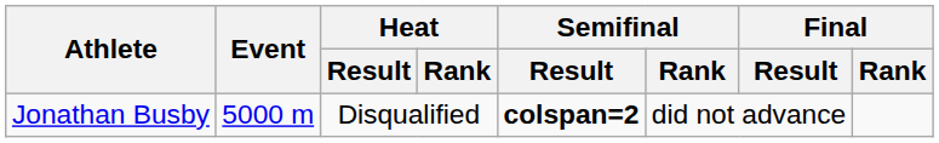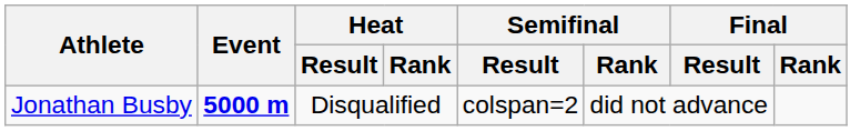 <table class="wikitable">
 <tr>
 <th rowspan="2">Athlete</th>
 <th rowspan="2">Event</th>
 <th colspan="2">Heat</th>
 <th colspan="2">Semifinal</th>
 <th colspan="2">Final</th>
 </tr>
 <tr>
 <th>Result</th>
 <th>Rank</th>
 <th>Result</th>
 <th>Rank</th>
 <th>Result</th>
 <th>Rank</th>
 </tr>
 <tr style=text-align:center>
 <td style=text-align:left><a href='#'>Jonathan Busby</a></td>
-<td style=text-align:left><a href='#'>5000 m</a></td>
+<td style=text-align:left><strong><a href='#'>5000 m</a></strong></td>
 <td colspan=2>Disqualified</td>
-<td><strong>colspan=2</strong></td>
+<td>colspan=2</td>
 <td colspan=2>did not advance</td>
 </tr>
 </table>
